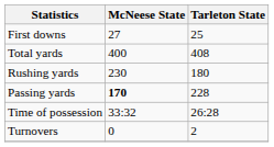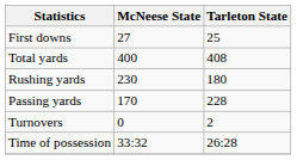 <table class="wikitable">
 <tr>
 <th>Statistics</th>
 <th>McNeese State</th>
 <th>Tarleton State</th>
 </tr>
 <tr>
 <td>First downs</td>
 <td>27</td>
 <td>25</td>
 </tr>
 <tr>
 <td>Total yards</td>
 <td>400</td>
 <td>408</td>
 </tr>
 <tr>
 <td>Rushing yards</td>
 <td>230</td>
 <td>180</td>
 </tr>
 <tr>
 <td>Passing yards</td>
-<td><strong>170</strong></td>
+<td>170</td>
 <td>228</td>
+</tr>
+<tr>
+<td>Turnovers</td>
+<td>0</td>
+<td>2</td>
 </tr>
 <tr>
 <td>Time of possession</td>
 <td>33:32</td>
 <td>26:28</td>
 </tr>
 <tr>
-<td>Turnovers</td>
-<td>0</td>
-<td>2</td>
-</tr>
-<tr>
 </tr>
 </table>
